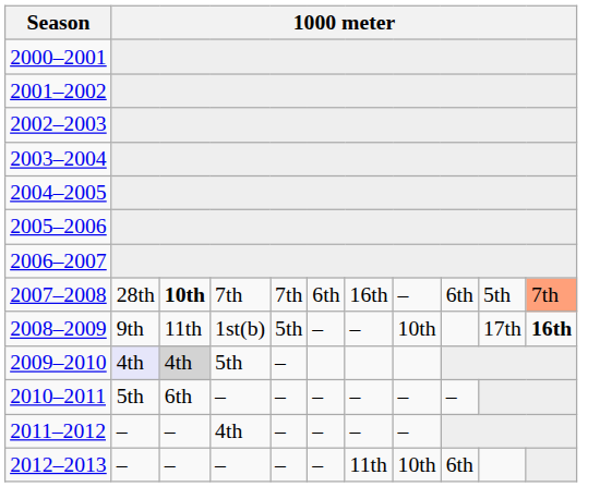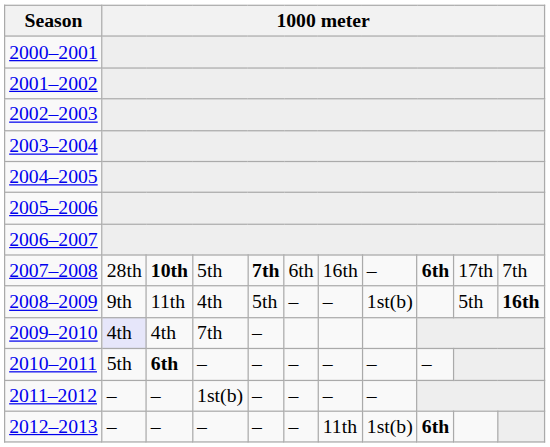 <table class="wikitable" style="display: inline-table;">
 <tr>
 <th>Season</th>
 <th colspan="10">1000 meter</th>
 </tr>
 <tr>
 <td><a href='#'>2000–2001</a></td>
 <td colspan="10" bgcolor=#EEEEEE></td>
 </tr>
 <tr>
 <td><a href='#'>2001–2002</a></td>
 <td colspan="10" bgcolor=#EEEEEE></td>
 </tr>
 <tr>
 <td><a href='#'>2002–2003</a></td>
 <td colspan="10" bgcolor=#EEEEEE></td>
 </tr>
 <tr>
 <td><a href='#'>2003–2004</a></td>
 <td colspan="10" bgcolor=#EEEEEE></td>
 </tr>
 <tr>
 <td><a href='#'>2004–2005</a></td>
 <td colspan="10" bgcolor=#EEEEEE></td>
 </tr>
 <tr>
 <td><a href='#'>2005–2006</a></td>
 <td colspan="10" bgcolor=#EEEEEE></td>
 </tr>
 <tr>
 <td><a href='#'>2006–2007</a></td>
 <td colspan="10" bgcolor=#EEEEEE></td>
 </tr>
 <tr>
 <td><a href='#'>2007–2008</a></td>
 <td>28th</td>
 <td><strong>10th</strong></td>
-<td>7th</td>
-<td>7th</td>
+<td>5th</td>
+<td><strong>7th</strong></td>
 <td>6th</td>
 <td>16th</td>
 <td>–</td>
-<td>6th</td>
-<td>5th</td>
-<td style="background: lightsalmon;">7th</td>
+<td><strong>6th</strong></td>
+<td>17th</td>
+<td>7th</td>
 </tr>
 <tr>
 <td><a href='#'>2008–2009</a></td>
 <td>9th</td>
 <td>11th</td>
-<td>1st(b)</td>
+<td>4th</td>
 <td>5th</td>
 <td>–</td>
 <td>–</td>
-<td>10th</td>
+<td>1st(b)</td>
 <td></td>
-<td>17th</td>
+<td>5th</td>
 <td><strong>16th</strong></td>
 </tr>
 <tr>
 <td><a href='#'>2009–2010</a></td>
 <td style="background: lavender;">4th</td>
-<td style="background: lightgrey;">4th</td>
-<td>5th</td>
+<td>4th</td>
+<td>7th</td>
 <td>–</td>
 <td></td>
 <td></td>
 <td></td>
 <td colspan="3" bgcolor=#EEEEEE></td>
 </tr>
 <tr>
 <td><a href='#'>2010–2011</a></td>
 <td>5th</td>
-<td>6th</td>
+<td><strong>6th</strong></td>
 <td>–</td>
 <td>–</td>
 <td>–</td>
 <td>–</td>
 <td>–</td>
 <td>–</td>
 <td colspan="2" bgcolor=#EEEEEE></td>
 </tr>
 <tr>
 <td><a href='#'>2011–2012</a></td>
 <td>–</td>
 <td>–</td>
-<td>4th</td>
+<td>1st(b)</td>
 <td>–</td>
 <td>–</td>
 <td>–</td>
 <td>–</td>
 <td colspan="3" bgcolor=#EEEEEE></td>
 </tr>
 <tr>
 <td><a href='#'>2012–2013</a></td>
 <td>–</td>
 <td>–</td>
 <td>–</td>
 <td>–</td>
 <td>–</td>
 <td>11th</td>
-<td>10th</td>
-<td>6th</td>
+<td>1st(b)</td>
+<td><strong>6th</strong></td>
 <td></td>
 <td colspan="1" bgcolor=#EEEEEE></td>
 </tr>
 </table>
